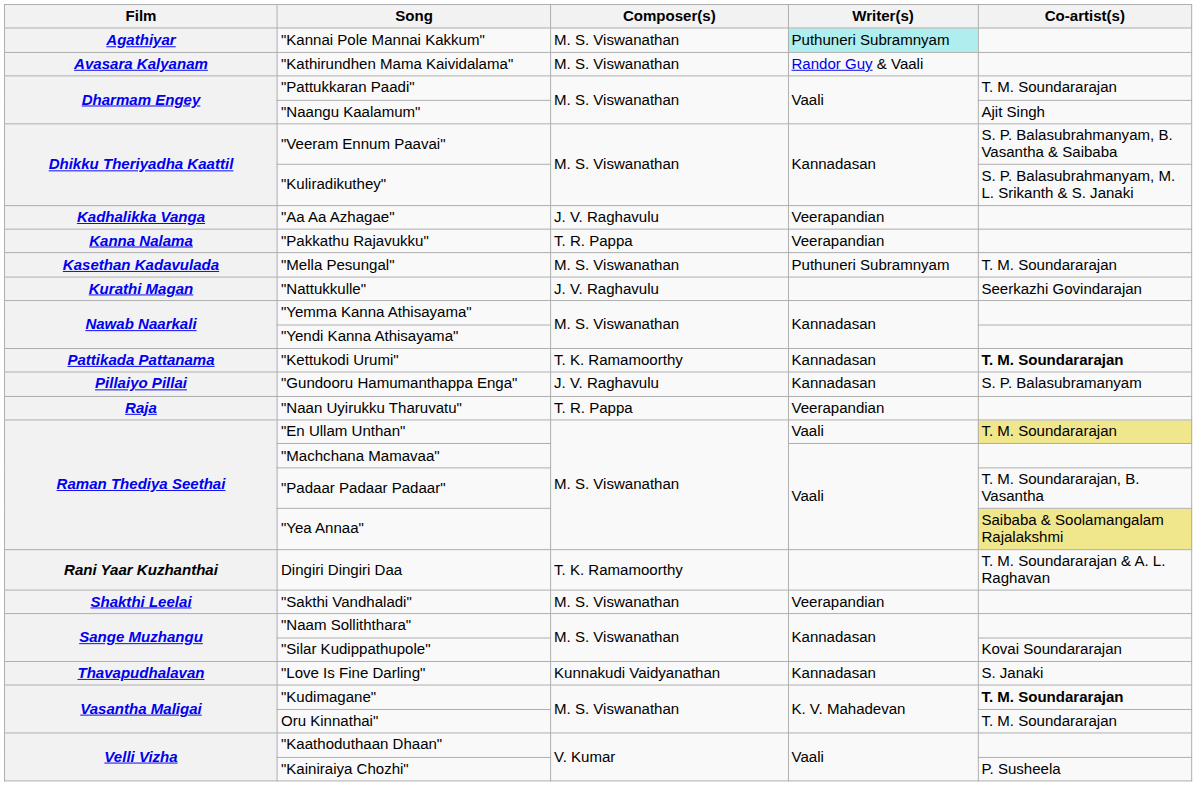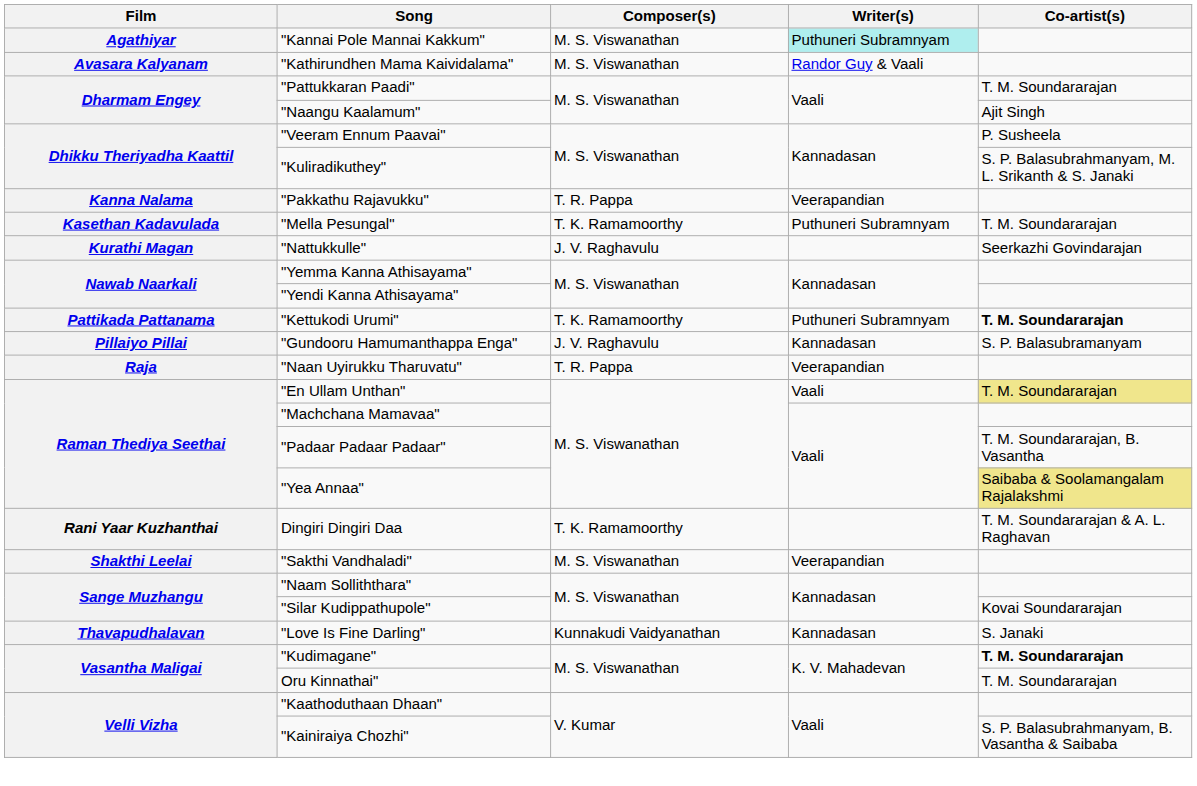 <table class="wikitable plainrowheaders" width="100%" textcolor:#000;">
 <tr style="background:#b0e0e66;">
 <th scope="col" width=23%><strong>Film</strong></th>
 <th scope="col" width=23%><strong>Song</strong></th>
 <th scope="col" width=20%><strong>Composer(s)</strong></th>
 <th scope="col" width=16%><strong>Writer(s)</strong></th>
 <th scope="col" width=18%><strong>Co-artist(s)</strong></th>
 </tr>
 <tr>
 <th><em><a href='#'>Agathiyar</a></em></th>
 <td>"Kannai Pole Mannai Kakkum"</td>
 <td>M. S. Viswanathan</td>
 <td style="background: paleturquoise;">Puthuneri Subramnyam</td>
 <td></td>
 </tr>
 <tr>
 <th><em><a href='#'>Avasara Kalyanam</a></em></th>
 <td>"Kathirundhen Mama Kaividalama"</td>
 <td>M. S. Viswanathan</td>
 <td><a href='#'>Randor Guy</a> & Vaali</td>
 <td></td>
 </tr>
 <tr>
 <th rowspan=2><em><a href='#'>Dharmam Engey</a></em></th>
 <td>"Pattukkaran Paadi"</td>
 <td Rowspan="2">M. S. Viswanathan</td>
 <td rowspan="2">Vaali</td>
 <td>T. M. Soundararajan</td>
 </tr>
 <tr>
 <td>"Naangu Kaalamum"</td>
 <td>Ajit Singh</td>
 </tr>
 <tr>
 <th rowspan=2><em><a href='#'>Dhikku Theriyadha Kaattil</a></em></th>
 <td>"Veeram Ennum Paavai"</td>
 <td Rowspan="2">M. S. Viswanathan</td>
 <td rowspan="2">Kannadasan</td>
-<td>S. P. Balasubrahmanyam, B. Vasantha & Saibaba</td>
+<td>P. Susheela</td>
 </tr>
 <tr>
 <td>"Kuliradikuthey"</td>
 <td>S. P. Balasubrahmanyam, M. L. Srikanth & S. Janaki</td>
-</tr>
-<tr>
-<th><em><a href='#'>Kadhalikka Vanga</a></em></th>
-<td>"Aa Aa Azhagae"</td>
-<td>J. V. Raghavulu</td>
-<td>Veerapandian</td>
-<td></td>
 </tr>
 <tr>
 <th><em><a href='#'>Kanna Nalama</a></em></th>
 <td>"Pakkathu Rajavukku"</td>
 <td>T. R. Pappa</td>
 <td>Veerapandian</td>
 <td></td>
 </tr>
 <tr>
 <th><em><a href='#'>Kasethan Kadavulada</a></em></th>
 <td>"Mella Pesungal"</td>
-<td>M. S. Viswanathan</td>
+<td>T. K. Ramamoorthy</td>
 <td>Puthuneri Subramnyam</td>
 <td>T. M. Soundararajan</td>
 </tr>
 <tr>
 <th><em><a href='#'>Kurathi Magan</a></em></th>
 <td>"Nattukkulle"</td>
 <td>J. V. Raghavulu</td>
 <td></td>
 <td>Seerkazhi Govindarajan</td>
 </tr>
 <tr>
 <th rowspan=2><em><a href='#'>Nawab Naarkali</a></em></th>
 <td>"Yemma Kanna Athisayama"</td>
 <td Rowspan="2">M. S. Viswanathan</td>
 <td rowspan="2">Kannadasan</td>
 <td></td>
 </tr>
 <tr>
 <td>"Yendi Kanna Athisayama"</td>
 <td></td>
 </tr>
 <tr>
 <th><em><a href='#'>Pattikada Pattanama</a></em></th>
 <td>"Kettukodi Urumi"</td>
 <td>T. K. Ramamoorthy</td>
-<td>Kannadasan</td>
+<td>Puthuneri Subramnyam</td>
 <td><strong>T. M. Soundararajan</strong></td>
 </tr>
 <tr>
 <th><em><a href='#'>Pillaiyo Pillai</a></em></th>
 <td>"Gundooru Hamumanthappa Enga"</td>
 <td>J. V. Raghavulu</td>
 <td>Kannadasan</td>
 <td>S. P. Balasubramanyam</td>
 </tr>
 <tr>
 <th><em><a href='#'>Raja</a></em></th>
 <td>"Naan Uyirukku Tharuvatu"</td>
 <td>T. R. Pappa</td>
 <td>Veerapandian</td>
 <td></td>
 </tr>
 <tr>
 <th rowspan=4><em><a href='#'>Raman Thediya Seethai</a></em></th>
 <td>"En Ullam Unthan"</td>
 <td Rowspan="4">M. S. Viswanathan</td>
 <td>Vaali</td>
 <td style="background: khaki;">T. M. Soundararajan</td>
 </tr>
 <tr>
 <td>"Machchana Mamavaa"</td>
 <td Rowspan="3">Vaali</td>
 <td></td>
 </tr>
 <tr>
 <td>"Padaar Padaar Padaar"</td>
 <td>T. M. Soundararajan, B. Vasantha</td>
 </tr>
 <tr>
 <td>"Yea Annaa"</td>
 <td style="background: khaki;">Saibaba & Soolamangalam Rajalakshmi</td>
 </tr>
 <tr>
 <th><em>Rani Yaar Kuzhanthai</em></th>
 <td>Dingiri Dingiri Daa</td>
 <td>T. K. Ramamoorthy</td>
 <td></td>
 <td>T. M. Soundararajan & A. L. Raghavan</td>
 </tr>
 <tr>
 <th><em><a href='#'>Shakthi Leelai</a></em></th>
 <td>"Sakthi Vandhaladi"</td>
 <td>M. S. Viswanathan</td>
 <td>Veerapandian</td>
 <td></td>
 </tr>
 <tr>
 <th rowspan=2><em><a href='#'>Sange Muzhangu</a></em></th>
 <td>"Naam Solliththara"</td>
 <td Rowspan="2">M. S. Viswanathan</td>
 <td rowspan="2">Kannadasan</td>
 <td></td>
 </tr>
 <tr>
 <td>"Silar Kudippathupole"</td>
 <td>Kovai Soundararajan</td>
 </tr>
 <tr>
 <th><em><a href='#'>Thavapudhalavan</a></em></th>
 <td>"Love Is Fine Darling"</td>
 <td>Kunnakudi Vaidyanathan</td>
 <td>Kannadasan</td>
 <td>S. Janaki</td>
 </tr>
 <tr>
 <th Rowspan="2"><em><a href='#'>Vasantha Maligai</a></em></th>
 <td>"Kudimagane"</td>
 <td Rowspan="2">M. S. Viswanathan</td>
 <td rowspan="2">K. V. Mahadevan</td>
 <td><strong>T. M. Soundararajan</strong></td>
 </tr>
 <tr>
 <td>Oru Kinnathai"</td>
 <td>T. M. Soundararajan</td>
 </tr>
 <tr>
 <th rowspan=2><em><a href='#'>Velli Vizha</a></em></th>
 <td>"Kaathoduthaan Dhaan"</td>
 <td Rowspan="2">V. Kumar</td>
 <td rowspan="2">Vaali</td>
 <td></td>
 </tr>
 <tr>
 <td>"Kainiraiya Chozhi"</td>
-<td>P. Susheela</td>
+<td>S. P. Balasubrahmanyam, B. Vasantha & Saibaba</td>
 </tr>
 </table>
